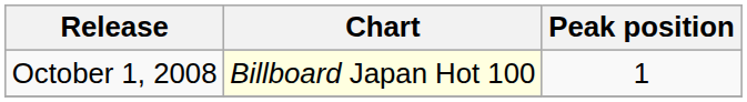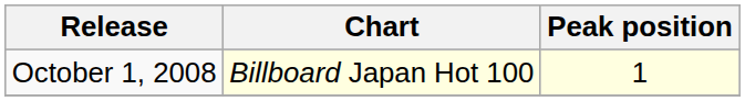 <table class="wikitable">
 <tr>
 <th>Release</th>
 <th>Chart</th>
 <th>Peak position</th>
 </tr>
 <tr>
 <td>October 1, 2008</td>
 <td style="background: lightyellow;"><em>Billboard</em> Japan Hot 100</td>
-<td align="center">1</td>
+<td align="center" style="background: lightyellow;">1</td>
 </tr>
 <tr>
 </tr>
 </table>
